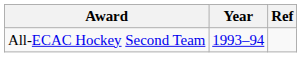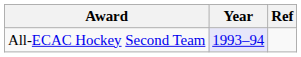 <table class="wikitable">
 <tr>
 <th>Award</th>
 <th>Year</th>
 <th>Ref</th>
 </tr>
 <tr>
 <td>All-<a href='#'>ECAC Hockey</a> <a href='#'>Second Team</a></td>
-<td><a href='#'>1993–94</a></td>
+<td style="background: lavender;"><a href='#'>1993–94</a></td>
 <td></td>
 </tr>
 </table>
